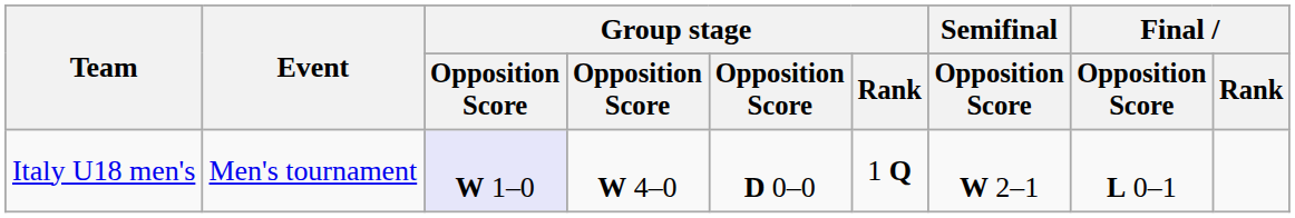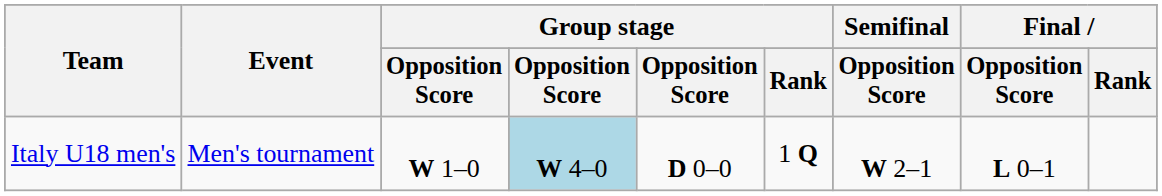 <table class="wikitable" style="text-align:center; font-size:90%">
 <tr>
 <th rowspan=2>Team</th>
 <th rowspan=2>Event</th>
 <th colspan=4>Group stage</th>
 <th>Semifinal</th>
 <th colspan=2>Final / </th>
 </tr>
 <tr style="font-size:95%">
 <th>Opposition<br>Score</th>
 <th>Opposition<br>Score</th>
 <th>Opposition<br>Score</th>
 <th>Rank</th>
 <th>Opposition<br>Score</th>
 <th>Opposition<br>Score</th>
 <th>Rank</th>
 </tr>
 <tr>
 <td align=left><a href='#'>Italy U18 men's</a></td>
 <td align=left><a href='#'>Men's tournament</a></td>
-<td style="background: lavender;"><br><strong>W</strong> 1–0</td>
-<td><br><strong>W</strong> 4–0</td>
+<td><br><strong>W</strong> 1–0</td>
+<td style="background: lightblue;"><br><strong>W</strong> 4–0</td>
 <td><br><strong>D</strong> 0–0</td>
 <td>1 <strong>Q</strong></td>
 <td><br><strong>W</strong> 2–1</td>
 <td><br><strong>L</strong> 0–1</td>
 <td></td>
 </tr>
 </table>
